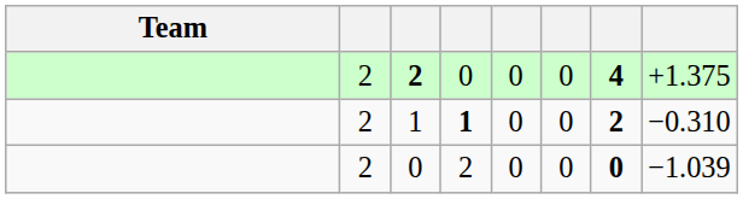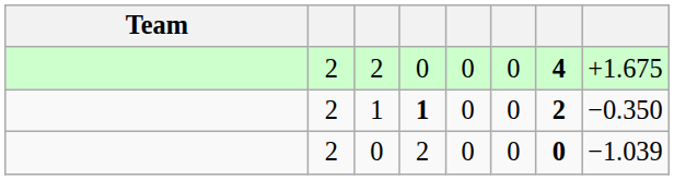 <table class="wikitable" style="text-align:center;">
 <tr>
 <th width=175>Team</th>
 <th style="width:20px;"></th>
 <th style="width:20px;"></th>
 <th style="width:20px;"></th>
 <th style="width:20px;"></th>
 <th style="width:20px;"></th>
 <th style="width:20px;"></th>
 <th style="width:20px;"></th>
 </tr>
 <tr style="solid green; background:#cfc;">
 <td style="text-align:left;"></td>
 <td>2</td>
-<td><strong>2</strong></td>
+<td>2</td>
 <td>0</td>
 <td>0</td>
 <td>0</td>
 <td><strong>4</strong></td>
-<td>+1.375</td>
+<td>+1.675</td>
 </tr>
 <tr>
 <td style="text-align:left;"></td>
 <td>2</td>
 <td>1</td>
 <td><strong>1</strong></td>
 <td>0</td>
 <td>0</td>
 <td><strong>2</strong></td>
-<td>−0.310</td>
+<td>−0.350</td>
 </tr>
 <tr>
 <td style="text-align:left;"></td>
 <td>2</td>
 <td>0</td>
 <td>2</td>
 <td>0</td>
 <td>0</td>
 <td><strong>0</strong></td>
 <td>−1.039</td>
 </tr>
 </table>
